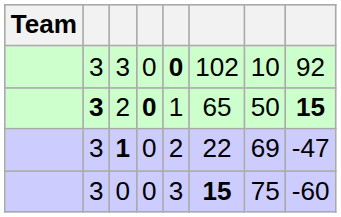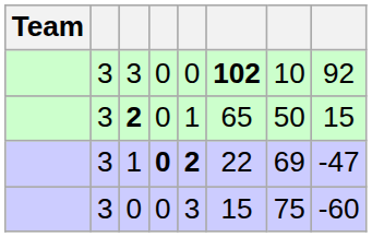 <table class="wikitable" style="text-align: center;">
 <tr>
 <th>Team</th>
 <th></th>
 <th></th>
 <th></th>
 <th></th>
 <th></th>
 <th></th>
 <th></th>
 </tr>
 <tr bgcolor="ccffcc">
 <td align="left"></td>
 <td>3</td>
 <td>3</td>
 <td>0</td>
-<td><strong>0</strong></td>
-<td>102</td>
+<td>0</td>
+<td><strong>102</strong></td>
 <td>10</td>
 <td>92</td>
 </tr>
 <tr bgcolor="ccffcc">
 <td align="left"></td>
-<td><strong>3</strong></td>
-<td>2</td>
-<td><strong>0</strong></td>
+<td>3</td>
+<td><strong>2</strong></td>
+<td>0</td>
 <td>1</td>
 <td>65</td>
 <td>50</td>
-<td><strong>15</strong></td>
+<td>15</td>
 </tr>
 <tr bgcolor="ccccff">
 <td align="left"></td>
 <td>3</td>
-<td><strong>1</strong></td>
-<td>0</td>
-<td>2</td>
+<td>1</td>
+<td><strong>0</strong></td>
+<td><strong>2</strong></td>
 <td>22</td>
 <td>69</td>
 <td>-47</td>
 </tr>
 <tr bgcolor="ccccff">
 <td align="left"></td>
 <td>3</td>
 <td>0</td>
 <td>0</td>
 <td>3</td>
-<td><strong>15</strong></td>
+<td>15</td>
 <td>75</td>
 <td>-60</td>
 </tr>
 </table>
